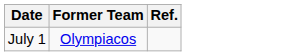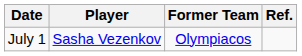 <table class="wikitable sortable sortable" style="text-align: center">
 <tr>
 <th>Date</th>
+<th>Player</th>
 <th>Former Team</th>
 <th>Ref.</th>
 </tr>
 <tr>
 <td>July 1</td>
+<td><a href='#'>Sasha Vezenkov</a></td>
 <td><a href='#'>Olympiacos</a></td>
 <td></td>
 </tr>
 </table>
